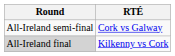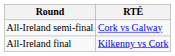 <table class="wikitable">
 <tr>
 <th>Round</th>
 <th>RTÉ</th>
 </tr>
 <tr>
 <td>All-Ireland semi-final</td>
 <td><a href='#'>Cork vs Galway</a></td>
 </tr>
 <tr>
-<td style="background: lightgrey;">All-Ireland final</td>
+<td>All-Ireland final</td>
 <td><a href='#'>Kilkenny vs Cork</a></td>
 </tr>
 </table>
